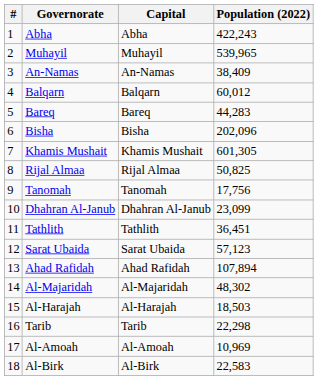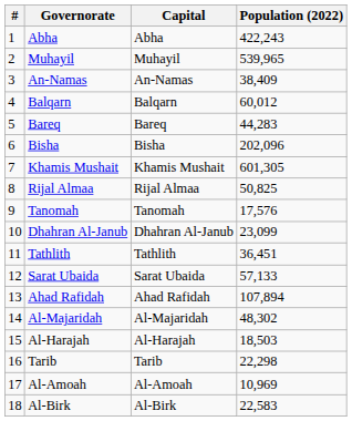 <table class="wikitable sortable">
 <tr>
 <th>#</th>
 <th>Governorate</th>
 <th>Capital</th>
 <th>Population (2022)</th>
 </tr>
 <tr>
 <td>1</td>
 <td><a href='#'>Abha</a></td>
 <td>Abha</td>
 <td>422,243</td>
 </tr>
 <tr>
 <td>2</td>
 <td><a href='#'>Muhayil</a></td>
 <td>Muhayil</td>
 <td>539,965</td>
 </tr>
 <tr>
 <td>3</td>
 <td><a href='#'>An-Namas</a></td>
 <td>An-Namas</td>
 <td>38,409</td>
 </tr>
 <tr>
 <td>4</td>
 <td><a href='#'>Balqarn</a></td>
 <td>Balqarn</td>
 <td>60,012</td>
 </tr>
 <tr>
 <td>5</td>
 <td><a href='#'>Bareq</a></td>
 <td>Bareq</td>
 <td>44,283</td>
 </tr>
 <tr>
 <td>6</td>
 <td><a href='#'>Bisha</a></td>
 <td>Bisha</td>
 <td>202,096</td>
 </tr>
 <tr>
 <td>7</td>
 <td><a href='#'>Khamis Mushait</a></td>
 <td>Khamis Mushait</td>
 <td>601,305</td>
 </tr>
 <tr>
 <td>8</td>
 <td><a href='#'>Rijal Almaa</a></td>
 <td>Rijal Almaa</td>
 <td>50,825</td>
 </tr>
 <tr>
 <td>9</td>
 <td><a href='#'>Tanomah</a></td>
 <td>Tanomah</td>
-<td>17,756</td>
+<td>17,576</td>
 </tr>
 <tr>
 <td>10</td>
 <td><a href='#'>Dhahran Al-Janub</a></td>
 <td>Dhahran Al-Janub</td>
 <td>23,099</td>
 </tr>
 <tr>
 <td>11</td>
 <td><a href='#'>Tathlith</a></td>
 <td>Tathlith</td>
 <td>36,451</td>
 </tr>
 <tr>
 <td>12</td>
 <td><a href='#'>Sarat Ubaida</a></td>
 <td>Sarat Ubaida</td>
-<td>57,123</td>
+<td>57,133</td>
 </tr>
 <tr>
 <td>13</td>
 <td><a href='#'>Ahad Rafidah</a></td>
 <td>Ahad Rafidah</td>
 <td>107,894</td>
 </tr>
 <tr>
 <td>14</td>
 <td><a href='#'>Al-Majaridah</a></td>
 <td>Al-Majaridah</td>
 <td>48,302</td>
 </tr>
 <tr>
 <td>15</td>
 <td>Al-Harajah</td>
 <td>Al-Harajah</td>
 <td>18,503</td>
 </tr>
 <tr>
 <td>16</td>
 <td>Tarib</td>
 <td>Tarib</td>
 <td>22,298</td>
 </tr>
 <tr>
 <td>17</td>
 <td>Al-Amoah</td>
 <td>Al-Amoah</td>
 <td>10,969</td>
 </tr>
 <tr>
 <td>18</td>
 <td>Al-Birk</td>
 <td>Al-Birk</td>
 <td>22,583</td>
 </tr>
 </table>
